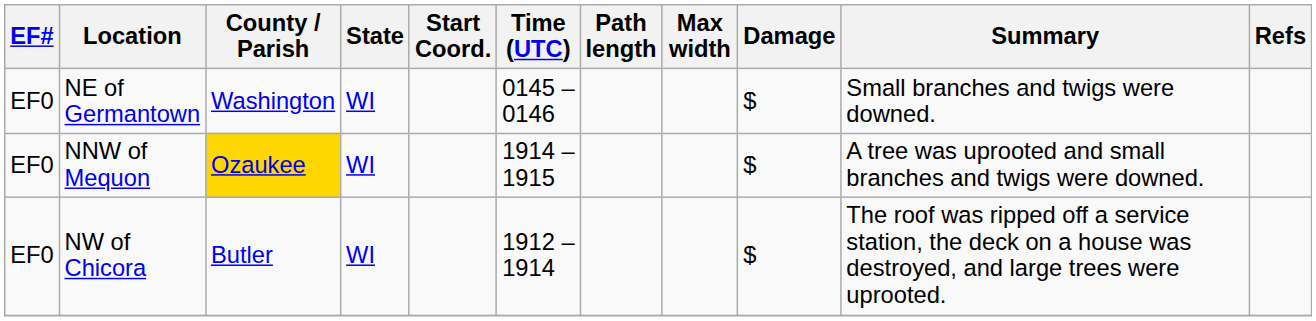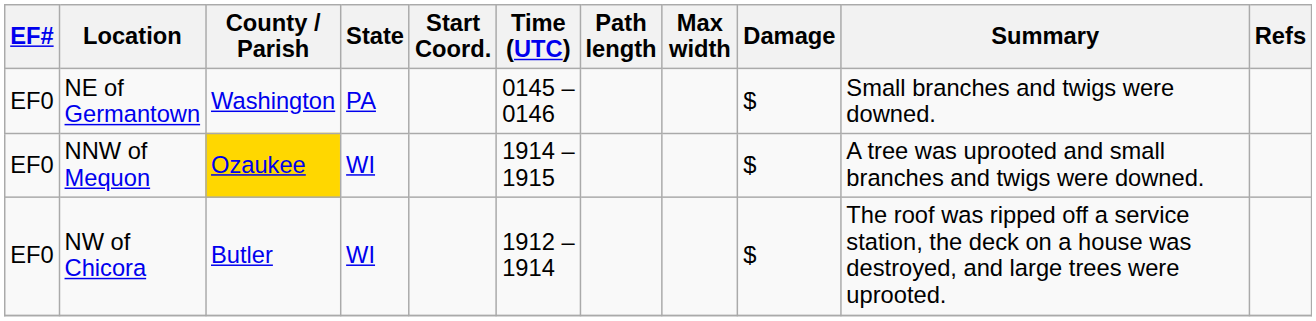 <table class="wikitable sortable" style="width:100%;">
 <tr>
 <th scope="col" width="3%" align="center"><a href='#'>EF#</a></th>
 <th scope="col" width="7%" align="center" class="unsortable">Location</th>
 <th scope="col" width="6%" align="center" class="unsortable">County / Parish</th>
 <th scope="col" width="5%" align="center">State</th>
 <th scope="col" width="6%" align="center">Start Coord.</th>
 <th scope="col" width="6%" align="center">Time (<a href='#'>UTC</a>)</th>
 <th scope="col" width="6%" align="center">Path length</th>
 <th scope="col" width="6%" align="center">Max width</th>
 <th scope="col" width="6%" align="center">Damage</th>
 <th scope="col" width="48%" class="unsortable" align="center">Summary</th>
 <th scope="col" width="48%" class="unsortable" align="center">Refs</th>
 </tr>
 <tr>
 <td>EF0</td>
 <td>NE of <a href='#'>Germantown</a></td>
 <td><a href='#'>Washington</a></td>
-<td><a href='#'>WI</a></td>
+<td><a href='#'>PA</a></td>
 <td></td>
 <td>0145 – 0146</td>
 <td></td>
 <td></td>
 <td>$</td>
 <td>Small branches and twigs were downed.</td>
 <td></td>
 </tr>
 <tr>
 <td>EF0</td>
 <td>NNW of <a href='#'>Mequon</a></td>
 <td style="background: gold;"><a href='#'>Ozaukee</a></td>
 <td><a href='#'>WI</a></td>
 <td></td>
 <td>1914 – 1915</td>
 <td></td>
 <td></td>
 <td>$</td>
 <td>A tree was uprooted and small branches and twigs were downed.</td>
 <td></td>
 </tr>
 <tr>
 <td>EF0</td>
 <td>NW of <a href='#'>Chicora</a></td>
 <td><a href='#'>Butler</a></td>
 <td><a href='#'>WI</a></td>
 <td></td>
 <td>1912 – 1914</td>
 <td></td>
 <td></td>
 <td>$</td>
 <td>The roof was ripped off a service station, the deck on a house was destroyed, and large trees were uprooted.</td>
 <td></td>
 </tr>
 <tr>
 </tr>
 </table>
